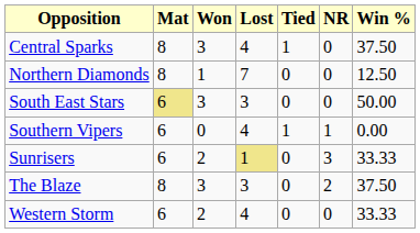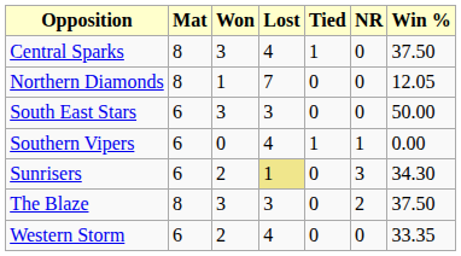 <table class="wikitable sortable">
 <tr>
 <th style="background:#ffc;">Opposition</th>
 <th style="background:#ffc;">Mat</th>
 <th style="background:#ffc;">Won</th>
 <th style="background:#ffc;">Lost</th>
 <th style="background:#ffc;">Tied</th>
 <th style="background:#ffc;">NR</th>
 <th style="background:#ffc;">Win %</th>
 </tr>
 <tr>
 <td><a href='#'>Central Sparks</a></td>
 <td>8</td>
 <td>3</td>
 <td>4</td>
 <td>1</td>
 <td>0</td>
 <td>37.50</td>
 </tr>
 <tr>
 <td><a href='#'>Northern Diamonds</a></td>
 <td>8</td>
 <td>1</td>
 <td>7</td>
 <td>0</td>
 <td>0</td>
-<td>12.50</td>
+<td>12.05</td>
 </tr>
 <tr>
 <td><a href='#'>South East Stars</a></td>
-<td style="background: khaki;">6</td>
+<td>6</td>
 <td>3</td>
 <td>3</td>
 <td>0</td>
 <td>0</td>
 <td>50.00</td>
 </tr>
 <tr>
 <td><a href='#'>Southern Vipers</a></td>
 <td>6</td>
 <td>0</td>
 <td>4</td>
 <td>1</td>
 <td>1</td>
 <td>0.00</td>
 </tr>
 <tr>
 <td><a href='#'>Sunrisers</a></td>
 <td>6</td>
 <td>2</td>
 <td style="background: khaki;">1</td>
 <td>0</td>
 <td>3</td>
-<td>33.33</td>
+<td>34.30</td>
 </tr>
 <tr>
 <td><a href='#'>The Blaze</a></td>
 <td>8</td>
 <td>3</td>
 <td>3</td>
 <td>0</td>
 <td>2</td>
 <td>37.50</td>
 </tr>
 <tr>
 <td><a href='#'>Western Storm</a></td>
 <td>6</td>
 <td>2</td>
 <td>4</td>
 <td>0</td>
 <td>0</td>
-<td>33.33</td>
+<td>33.35</td>
 </tr>
 </table>
